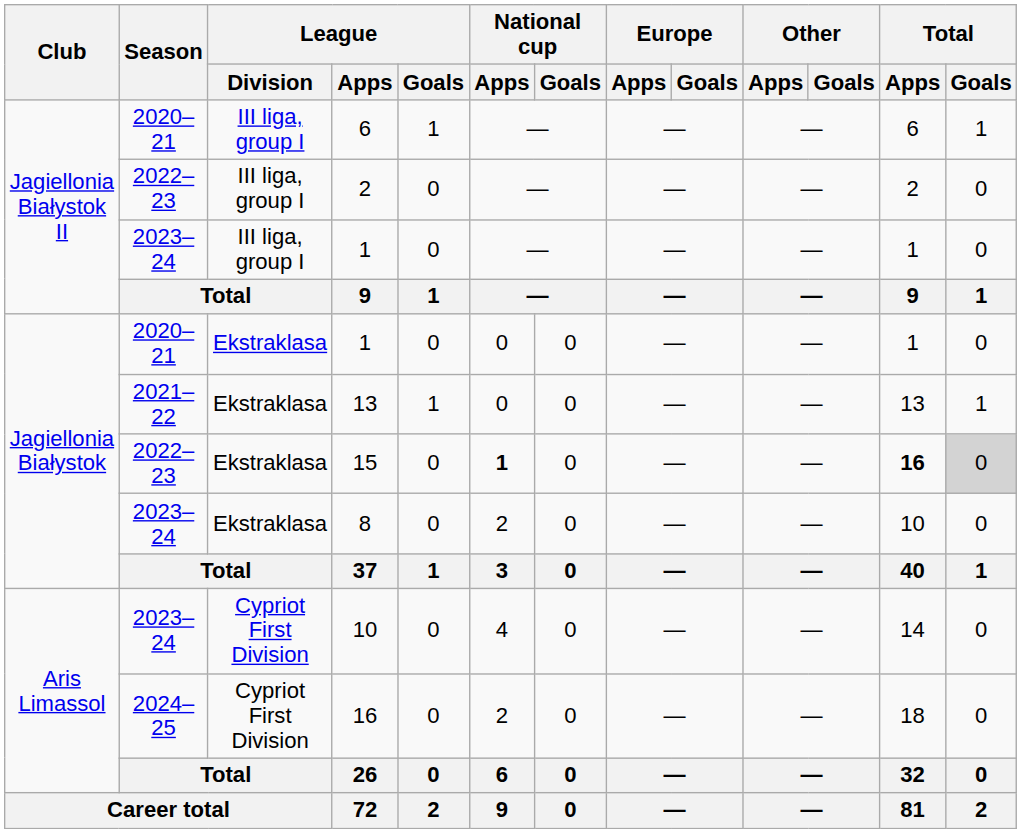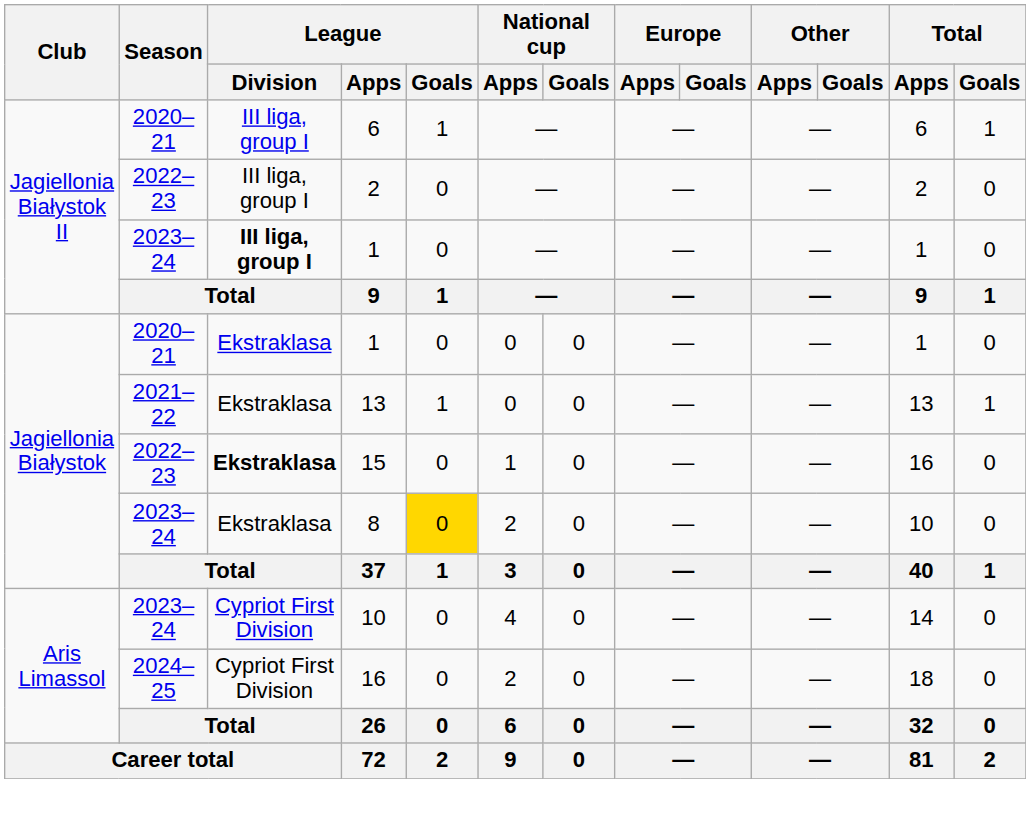 <table class="wikitable" style="text-align: center;">
 <tr>
 <th rowspan="2">Club</th>
 <th rowspan="2">Season</th>
 <th colspan="3">League</th>
 <th colspan="2">National cup</th>
 <th colspan="2">Europe</th>
 <th colspan="2">Other</th>
 <th colspan="2">Total</th>
 </tr>
 <tr>
 <th>Division</th>
 <th>Apps</th>
 <th>Goals</th>
 <th>Apps</th>
 <th>Goals</th>
 <th>Apps</th>
 <th>Goals</th>
 <th>Apps</th>
 <th>Goals</th>
 <th>Apps</th>
 <th>Goals</th>
 </tr>
 <tr>
 <td rowspan=4><a href='#'>Jagiellonia Białystok II</a></td>
 <td><a href='#'>2020–21</a></td>
 <td><a href='#'>III liga, group I</a></td>
 <td>6</td>
 <td>1</td>
 <td colspan="2">—</td>
 <td colspan="2">—</td>
 <td colspan="2">—</td>
 <td>6</td>
 <td>1</td>
 </tr>
 <tr>
 <td><a href='#'>2022–23</a></td>
 <td>III liga, group I</td>
 <td>2</td>
 <td>0</td>
 <td colspan="2">—</td>
 <td colspan="2">—</td>
 <td colspan="2">—</td>
 <td>2</td>
 <td>0</td>
 </tr>
 <tr>
 <td><a href='#'>2023–24</a></td>
-<td>III liga, group I</td>
+<td><strong>III liga, group I</strong></td>
 <td>1</td>
 <td>0</td>
 <td colspan="2">—</td>
 <td colspan="2">—</td>
 <td colspan="2">—</td>
 <td>1</td>
 <td>0</td>
 </tr>
 <tr>
 <th colspan="2">Total</th>
 <th>9</th>
 <th>1</th>
 <th colspan="2">—</th>
 <th colspan="2">—</th>
 <th colspan="2">—</th>
 <th>9</th>
 <th>1</th>
 </tr>
 <tr>
 <td rowspan=5><a href='#'>Jagiellonia Białystok</a></td>
 <td><a href='#'>2020–21</a></td>
 <td><a href='#'>Ekstraklasa</a></td>
 <td>1</td>
 <td>0</td>
 <td>0</td>
 <td>0</td>
 <td colspan="2">—</td>
 <td colspan="2">—</td>
 <td>1</td>
 <td>0</td>
 </tr>
 <tr>
 <td><a href='#'>2021–22</a></td>
 <td>Ekstraklasa</td>
 <td>13</td>
 <td>1</td>
 <td>0</td>
 <td>0</td>
 <td colspan="2">—</td>
 <td colspan="2">—</td>
 <td>13</td>
 <td>1</td>
 </tr>
 <tr>
 <td><a href='#'>2022–23</a></td>
-<td>Ekstraklasa</td>
+<td><strong>Ekstraklasa</strong></td>
 <td>15</td>
 <td>0</td>
-<td><strong>1</strong></td>
+<td>1</td>
 <td>0</td>
 <td colspan="2">—</td>
 <td colspan="2">—</td>
-<td><strong>16</strong></td>
-<td style="background: lightgrey;">0</td>
+<td>16</td>
+<td>0</td>
 </tr>
 <tr>
 <td><a href='#'>2023–24</a></td>
 <td>Ekstraklasa</td>
 <td>8</td>
-<td>0</td>
+<td style="background: gold;">0</td>
 <td>2</td>
 <td>0</td>
 <td colspan="2">—</td>
 <td colspan="2">—</td>
 <td>10</td>
 <td>0</td>
 </tr>
 <tr>
 <th colspan="2">Total</th>
 <th>37</th>
 <th>1</th>
 <th>3</th>
 <th>0</th>
 <th colspan="2">—</th>
 <th colspan="2">—</th>
 <th>40</th>
 <th>1</th>
 </tr>
 <tr>
 <td rowspan=3><a href='#'>Aris Limassol</a></td>
 <td><a href='#'>2023–24</a></td>
 <td><a href='#'>Cypriot First Division</a></td>
 <td>10</td>
 <td>0</td>
 <td>4</td>
 <td>0</td>
 <td colspan="2">—</td>
 <td colspan="2">—</td>
 <td>14</td>
 <td>0</td>
 </tr>
 <tr>
 <td><a href='#'>2024–25</a></td>
 <td>Cypriot First Division</td>
 <td>16</td>
 <td>0</td>
 <td>2</td>
 <td>0</td>
 <td colspan="2">—</td>
 <td colspan="2">—</td>
 <td>18</td>
 <td>0</td>
 </tr>
 <tr>
 <th colspan="2">Total</th>
 <th>26</th>
 <th>0</th>
 <th>6</th>
 <th>0</th>
 <th colspan="2">—</th>
 <th colspan="2">—</th>
 <th>32</th>
 <th>0</th>
 </tr>
 <tr>
 <th colspan="3">Career total</th>
 <th>72</th>
 <th>2</th>
 <th>9</th>
 <th>0</th>
 <th colspan="2">—</th>
 <th colspan="2">—</th>
 <th>81</th>
 <th>2</th>
 </tr>
 </table>
